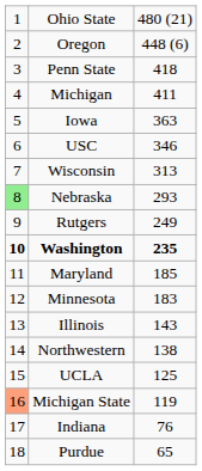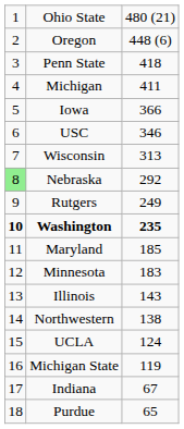 <table class="wikitable" style="display: inline-table;">
 <tr align="center">
 <td>1</td>
 <td>Ohio State</td>
 <td>480 (21)</td>
 </tr>
 <tr align="center">
 <td>2</td>
 <td>Oregon</td>
 <td>448 (6)</td>
 </tr>
 <tr align="center">
 <td>3</td>
 <td>Penn State</td>
 <td>418</td>
 </tr>
 <tr align="center">
 <td>4</td>
 <td>Michigan</td>
 <td>411</td>
 </tr>
 <tr align="center">
 <td>5</td>
 <td>Iowa</td>
-<td>363</td>
+<td>366</td>
 </tr>
 <tr align="center">
 <td>6</td>
 <td>USC</td>
 <td>346</td>
 </tr>
 <tr align="center">
 <td>7</td>
 <td>Wisconsin</td>
 <td>313</td>
 </tr>
 <tr align="center">
 <td style="background: lightgreen;">8</td>
 <td>Nebraska</td>
-<td>293</td>
+<td>292</td>
 </tr>
 <tr align="center">
 <td>9</td>
 <td>Rutgers</td>
 <td>249</td>
 </tr>
 <tr align="center">
 <td style=><strong>10</strong></td>
 <td style=><strong>Washington</strong></td>
 <td style=><strong>235</strong></td>
 </tr>
 <tr align="center">
 <td>11</td>
 <td>Maryland</td>
 <td>185</td>
 </tr>
 <tr align="center">
 <td>12</td>
 <td>Minnesota</td>
 <td>183</td>
 </tr>
 <tr align="center">
 <td>13</td>
 <td>Illinois</td>
 <td>143</td>
 </tr>
 <tr align="center">
 <td>14</td>
 <td>Northwestern</td>
 <td>138</td>
 </tr>
 <tr align="center">
 <td>15</td>
 <td>UCLA</td>
-<td>125</td>
+<td>124</td>
 </tr>
 <tr align="center">
-<td style="background: lightsalmon;">16</td>
+<td>16</td>
 <td>Michigan State</td>
 <td>119</td>
 </tr>
 <tr align="center">
 <td>17</td>
 <td>Indiana</td>
-<td>76</td>
+<td>67</td>
 </tr>
 <tr align="center">
 <td>18</td>
 <td>Purdue</td>
 <td>65</td>
 </tr>
 </table>
